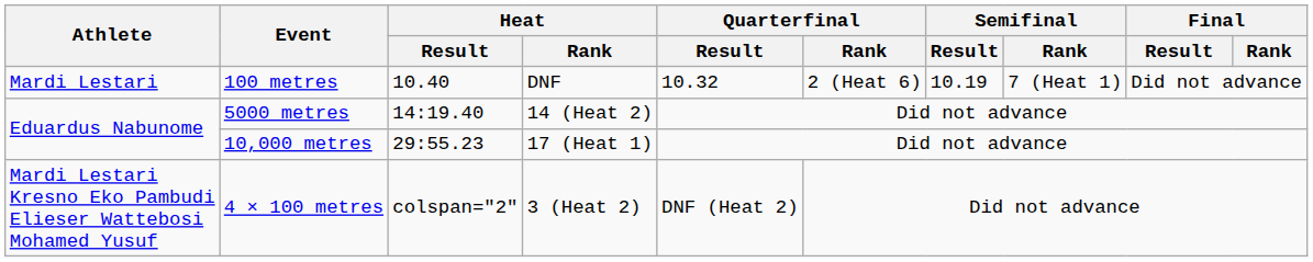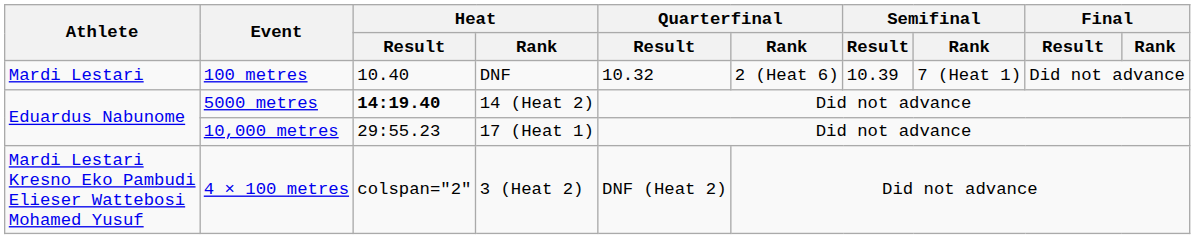 <table class="wikitable">
 <tr>
 <th rowspan="2">Athlete</th>
 <th rowspan="2">Event</th>
 <th colspan="2">Heat</th>
 <th colspan="2">Quarterfinal</th>
 <th colspan="2">Semifinal</th>
 <th colspan="2">Final</th>
 </tr>
 <tr>
 <th>Result</th>
 <th>Rank</th>
 <th>Result</th>
 <th>Rank</th>
 <th>Result</th>
 <th>Rank</th>
 <th>Result</th>
 <th>Rank</th>
 </tr>
 <tr>
 <td><a href='#'>Mardi Lestari</a></td>
 <td><a href='#'>100 metres</a></td>
 <td>10.40</td>
 <td>DNF</td>
 <td>10.32</td>
 <td>2 (Heat 6)</td>
-<td>10.19</td>
+<td>10.39</td>
 <td>7 (Heat 1)</td>
 <td colspan="2" align=center>Did not advance</td>
 </tr>
 <tr>
 <td rowspan=2><a href='#'>Eduardus Nabunome</a></td>
 <td><a href='#'>5000 metres</a></td>
-<td>14:19.40</td>
+<td><strong>14:19.40</strong></td>
 <td>14 (Heat 2)</td>
 <td colspan="6" align=center>Did not advance</td>
 </tr>
 <tr>
 <td><a href='#'>10,000 metres</a></td>
 <td>29:55.23</td>
 <td>17 (Heat 1)</td>
 <td colspan="6" align=center>Did not advance</td>
 </tr>
 <tr>
 <td align=left><a href='#'>Mardi Lestari</a><br><a href='#'>Kresno Eko Pambudi</a><br><a href='#'>Elieser Wattebosi</a><br><a href='#'>Mohamed Yusuf</a></td>
 <td><a href='#'>4 × 100 metres</a></td>
 <td>colspan="2" </td>
 <td>3 (Heat 2)</td>
 <td>DNF (Heat 2)</td>
 <td colspan="6" align=center>Did not advance</td>
 </tr>
 </table>
